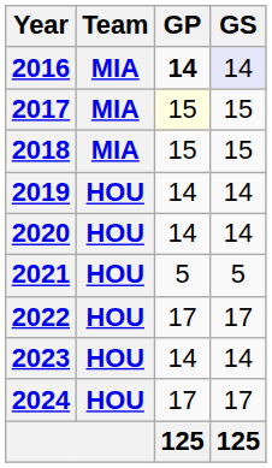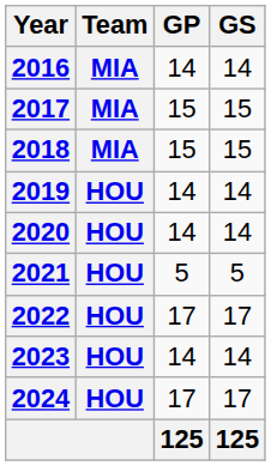 <table class="wikitable" style="text-align:center;">
 <tr>
 <th>Year</th>
 <th>Team</th>
 <th>GP</th>
 <th>GS</th>
 </tr>
 <tr>
 <th><a href='#'>2016</a></th>
 <th><a href='#'>MIA</a></th>
-<td><strong>14</strong></td>
-<td style="background: lavender;">14</td>
+<td>14</td>
+<td>14</td>
 </tr>
 <tr>
 <th><a href='#'>2017</a></th>
 <th><a href='#'>MIA</a></th>
-<td style="background: lightyellow;">15</td>
+<td>15</td>
 <td>15</td>
 </tr>
 <tr>
 <th><a href='#'>2018</a></th>
 <th><a href='#'>MIA</a></th>
 <td>15</td>
 <td>15</td>
 </tr>
 <tr>
 <th><a href='#'>2019</a></th>
 <th><a href='#'>HOU</a></th>
 <td>14</td>
 <td>14</td>
 </tr>
 <tr>
 <th><a href='#'>2020</a></th>
 <th><a href='#'>HOU</a></th>
 <td>14</td>
 <td>14</td>
 </tr>
 <tr>
 <th><a href='#'>2021</a></th>
 <th><a href='#'>HOU</a></th>
 <td>5</td>
 <td>5</td>
 </tr>
 <tr>
 <th><a href='#'>2022</a></th>
 <th><a href='#'>HOU</a></th>
 <td>17</td>
 <td>17</td>
 </tr>
 <tr>
 <th><a href='#'>2023</a></th>
 <th><a href='#'>HOU</a></th>
 <td>14</td>
 <td>14</td>
 </tr>
 <tr>
 <th><a href='#'>2024</a></th>
 <th><a href='#'>HOU</a></th>
 <td>17</td>
 <td>17</td>
 </tr>
 <tr>
 <th colspan="2"></th>
 <th>125</th>
 <th>125</th>
 </tr>
 </table>
